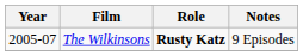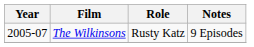 <table class="wikitable">
 <tr>
 <th>Year</th>
 <th>Film</th>
 <th>Role</th>
 <th>Notes</th>
 </tr>
 <tr>
 <td>2005-07</td>
 <td><em><a href='#'>The Wilkinsons</a></em></td>
-<td><strong>Rusty Katz</strong></td>
+<td>Rusty Katz</td>
 <td>9 Episodes</td>
 </tr>
 <tr>
 </tr>
 </table>
